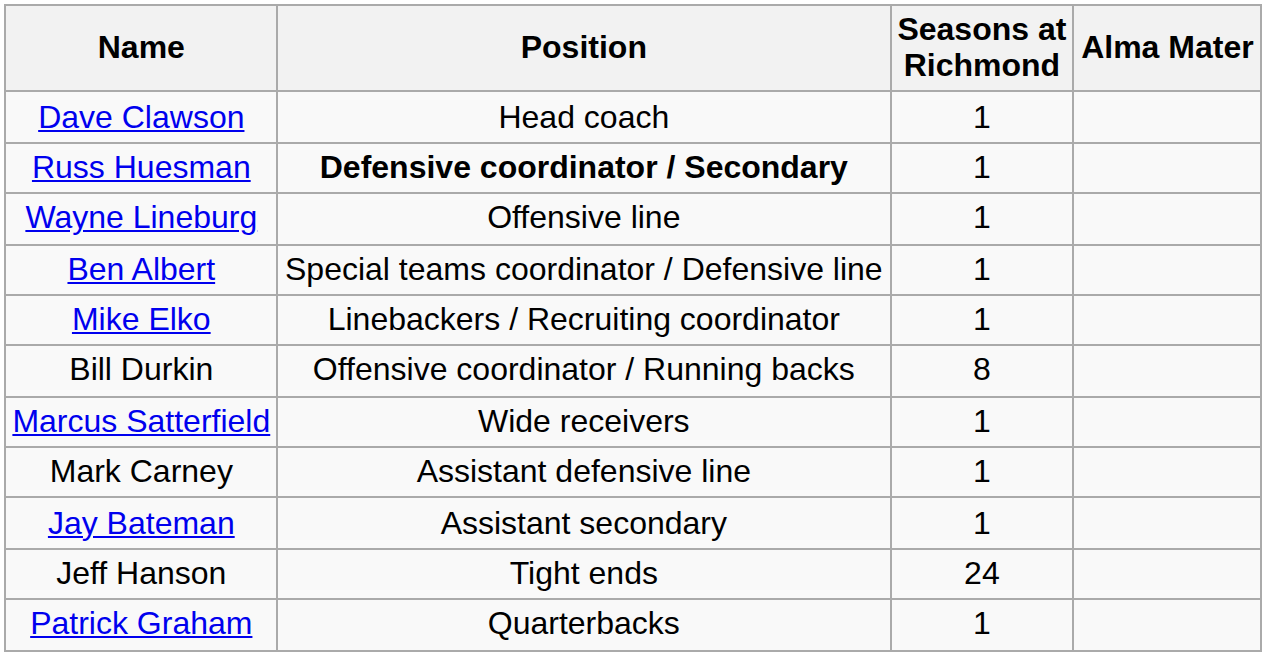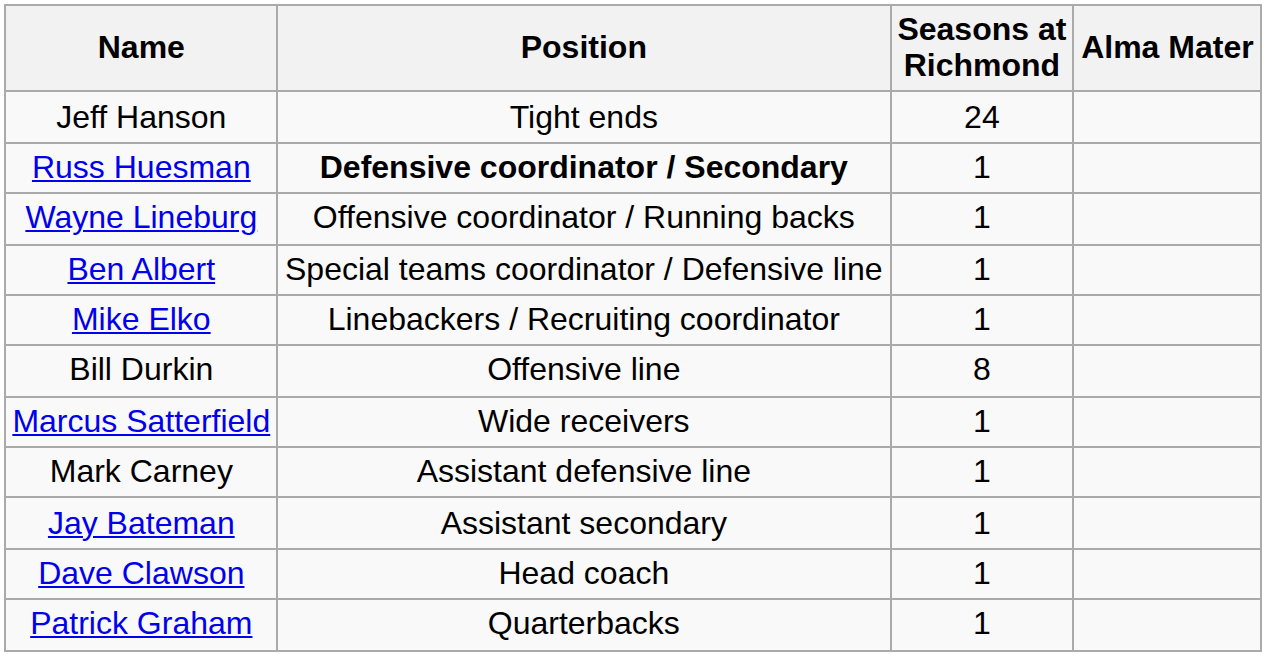 <table class="wikitable">
 <tr>
 <th>Name</th>
 <th>Position</th>
 <th>Seasons at <br> Richmond</th>
 <th>Alma Mater</th>
 </tr>
 <tr>
-<td align=center><a href='#'>Dave Clawson</a></td>
-<td align=center>Head coach</td>
-<td align=center>1</td>
+<td align=center>Jeff Hanson</td>
+<td align=center>Tight ends</td>
+<td align=center>24</td>
 <td align=center></td>
 </tr>
 <tr>
 <td align=center><a href='#'>Russ Huesman</a></td>
 <td align=center><strong>Defensive coordinator / Secondary</strong></td>
 <td align=center>1</td>
 <td align=center></td>
 </tr>
 <tr>
 <td align=center><a href='#'>Wayne Lineburg</a></td>
-<td align=center>Offensive line</td>
+<td align=center>Offensive coordinator / Running backs</td>
 <td align=center>1</td>
 <td align=center></td>
 </tr>
 <tr>
 <td align=center><a href='#'>Ben Albert</a></td>
 <td align=center>Special teams coordinator / Defensive line</td>
 <td align=center>1</td>
 <td align=center></td>
 </tr>
 <tr>
 <td align=center><a href='#'>Mike Elko</a></td>
 <td align=center>Linebackers / Recruiting coordinator</td>
 <td align=center>1</td>
 <td align=center></td>
 </tr>
 <tr>
 <td align=center>Bill Durkin</td>
-<td align=center>Offensive coordinator / Running backs</td>
+<td align=center>Offensive line</td>
 <td align=center>8</td>
 <td align=center></td>
 </tr>
 <tr>
 <td align=center><a href='#'>Marcus Satterfield</a></td>
 <td align=center>Wide receivers</td>
 <td align=center>1</td>
 <td align=center></td>
 </tr>
 <tr>
 <td align=center>Mark Carney</td>
 <td align=center>Assistant defensive line</td>
 <td align=center>1</td>
 <td align=center></td>
 </tr>
 <tr>
 <td align=center><a href='#'>Jay Bateman</a></td>
 <td align=center>Assistant secondary</td>
 <td align=center>1</td>
 <td align=center></td>
 </tr>
 <tr>
-<td align=center>Jeff Hanson</td>
-<td align=center>Tight ends</td>
-<td align=center>24</td>
+<td align=center><a href='#'>Dave Clawson</a></td>
+<td align=center>Head coach</td>
+<td align=center>1</td>
 <td align=center></td>
 </tr>
 <tr>
 <td align=center><a href='#'>Patrick Graham</a></td>
 <td align=center>Quarterbacks</td>
 <td align=center>1</td>
 <td align=center></td>
 </tr>
 <tr>
 </tr>
 </table>
